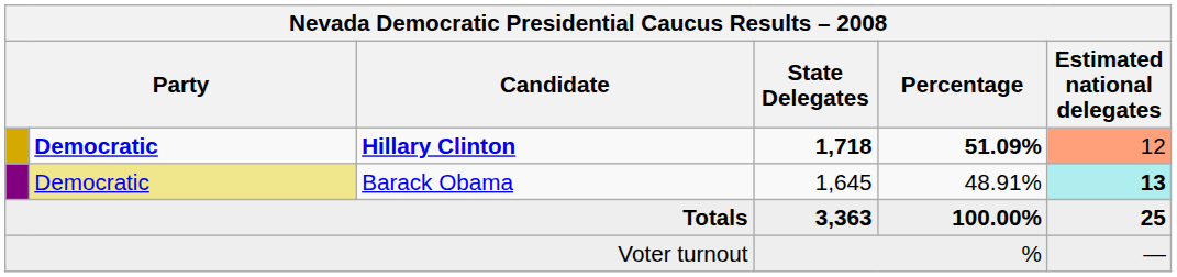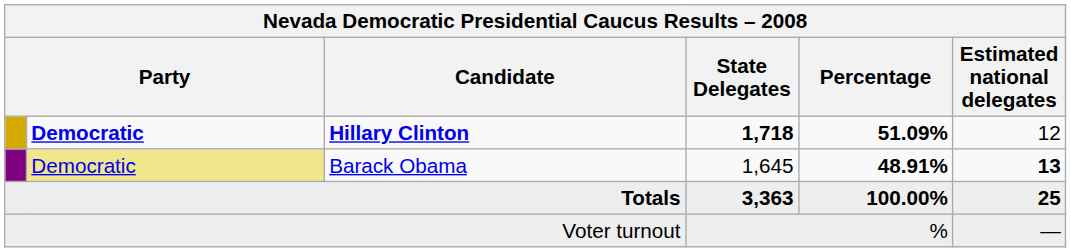 <table class="wikitable" style="font-size:95%;">
 <tr>
 <th colspan="7">Nevada Democratic Presidential Caucus Results – 2008</th>
 </tr>
 <tr>
 <th colspan="2" style="width: 15em">Party</th>
 <th style="width: 17em">Candidate</th>
 <th style="width: 5em">State Delegates</th>
 <th style="width: 7em">Percentage</th>
 <th style="width: 5em">Estimated national delegates</th>
 </tr>
 <tr>
 <th style="background:#d4aa00; width:3px;"></th>
 <td style="width: 130px"><strong><a href='#'>Democratic</a></strong></td>
 <td><strong><a href='#'>Hillary Clinton</a></strong></td>
 <td style="text-align:right;"><strong>1,718</strong></td>
 <td style="text-align:right;"><strong>51.09%</strong></td>
-<td style="background: lightsalmon; text-align:right;">12</td>
+<td style="text-align:right;">12</td>
 </tr>
 <tr>
 <th style="background:purple; width:3px;"></th>
 <td style="background: khaki; width: 130px"><a href='#'>Democratic</a></td>
 <td><a href='#'>Barack Obama</a></td>
 <td style="text-align:right;">1,645</td>
-<td style="text-align:right;">48.91%</td>
-<td style="background: paleturquoise; text-align:right;"><strong>13</strong></td>
+<td style="text-align:right;"><strong>48.91%</strong></td>
+<td style="text-align:right;"><strong>13</strong></td>
 </tr>
 <tr style="background:#eee; text-align:right;">
 <td colspan="3"><strong>Totals</strong></td>
 <td><strong>3,363</strong></td>
 <td><strong>100.00%</strong></td>
 <td><strong>25</strong></td>
 </tr>
 <tr style="background:#eee; text-align:right;">
 <td colspan="3">Voter turnout</td>
 <td colspan="2">%</td>
 <td>—</td>
 </tr>
 </table>
